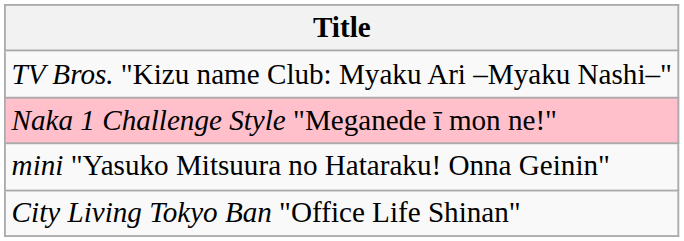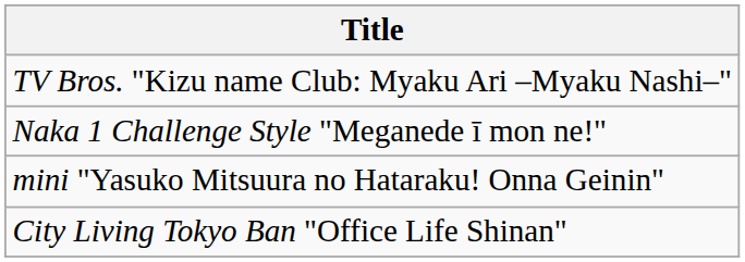 <table class="wikitable">
 <tr>
 <th>Title</th>
 </tr>
 <tr>
 <td><em>TV Bros.</em> "Kizu name Club: Myaku Ari –Myaku Nashi–"</td>
 </tr>
 <tr>
-<td style="background: pink;"><em>Naka 1 Challenge Style</em> "Meganede ī mon ne!"</td>
+<td><em>Naka 1 Challenge Style</em> "Meganede ī mon ne!"</td>
 </tr>
 <tr>
 <td><em>mini</em> "Yasuko Mitsuura no Hataraku! Onna Geinin"</td>
 </tr>
 <tr>
 <td><em>City Living Tokyo Ban</em> "Office Life Shinan"</td>
 </tr>
 </table>
